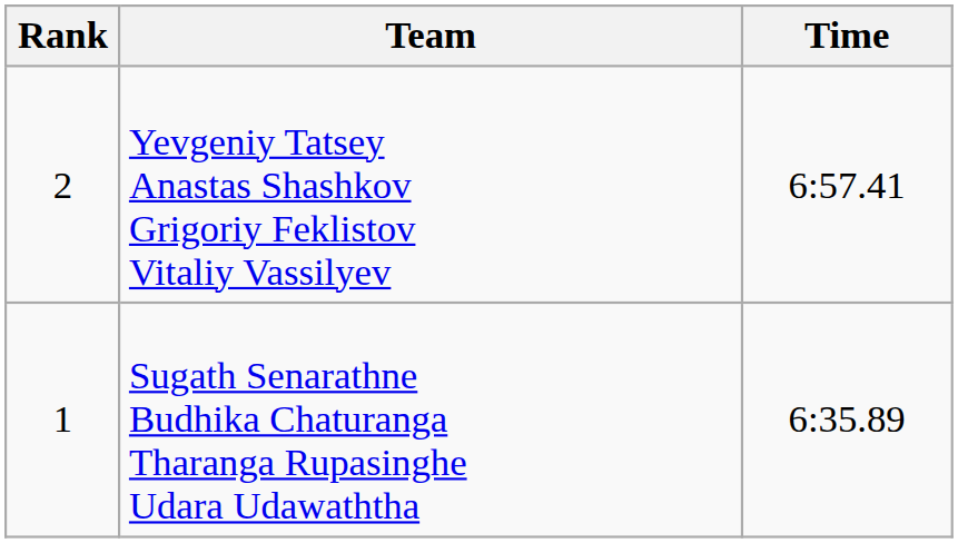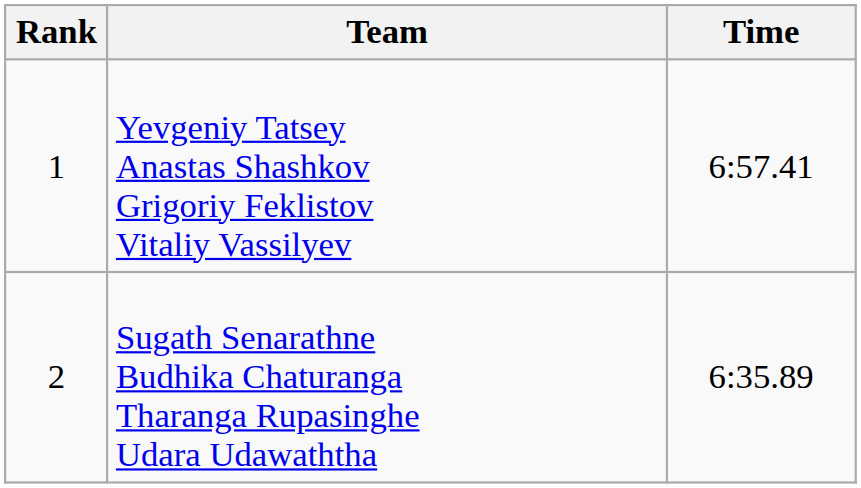 <table class=wikitable style="text-align:center">
 <tr>
 <th width=40>Rank</th>
 <th width=250>Team</th>
 <th width=80>Time</th>
 </tr>
 <tr>
-<td>2</td>
+<td>1</td>
 <td align=left><br><a href='#'>Yevgeniy Tatsey</a><br><a href='#'>Anastas Shashkov</a><br><a href='#'>Grigoriy Feklistov</a><br><a href='#'>Vitaliy Vassilyev</a></td>
 <td>6:57.41</td>
 </tr>
 <tr>
-<td>1</td>
+<td>2</td>
 <td align=left><br><a href='#'>Sugath Senarathne</a><br><a href='#'>Budhika Chaturanga</a><br><a href='#'>Tharanga Rupasinghe</a><br><a href='#'>Udara Udawaththa</a></td>
 <td>6:35.89</td>
 </tr>
 </table>
